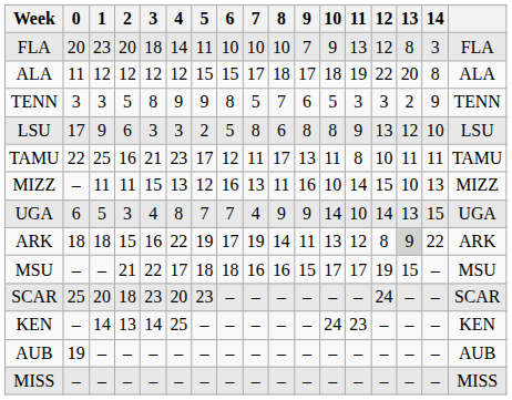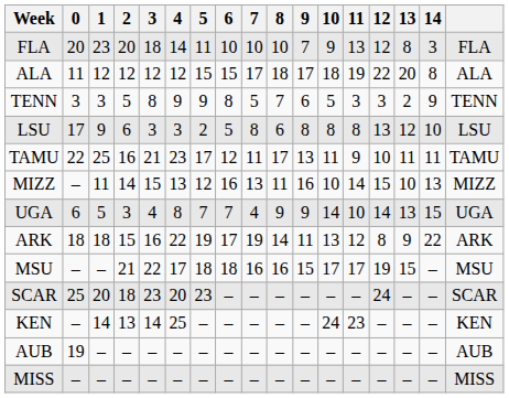 <table class="wikitable sortable" style="text-align:center">
 <tr>
 <th>Week</th>
 <th>0</th>
 <th>1</th>
 <th>2</th>
 <th>3</th>
 <th>4</th>
 <th>5</th>
 <th>6</th>
 <th>7</th>
 <th>8</th>
 <th>9</th>
 <th>10</th>
 <th>11</th>
 <th>12</th>
 <th>13</th>
 <th>14</th>
 <th class=unsortable></th>
 </tr>
 <tr style="background-color:#E8E8E8">
 <td>FLA</td>
 <td>20</td>
 <td>23</td>
 <td>20</td>
 <td>18</td>
 <td>14</td>
 <td>11</td>
 <td>10</td>
 <td>10</td>
 <td>10</td>
 <td>7</td>
 <td>9</td>
 <td>13</td>
 <td>12</td>
 <td>8</td>
 <td>3</td>
 <td>FLA</td>
 </tr>
 <tr>
 <td>ALA</td>
 <td>11</td>
 <td>12</td>
 <td>12</td>
 <td>12</td>
 <td>12</td>
 <td>15</td>
 <td>15</td>
 <td>17</td>
 <td>18</td>
 <td>17</td>
 <td>18</td>
 <td>19</td>
 <td>22</td>
 <td>20</td>
 <td>8</td>
 <td>ALA</td>
 </tr>
 <tr>
 <td>TENN</td>
 <td>3</td>
 <td>3</td>
 <td>5</td>
 <td>8</td>
 <td>9</td>
 <td>9</td>
 <td>8</td>
 <td>5</td>
 <td>7</td>
 <td>6</td>
 <td>5</td>
 <td>3</td>
 <td>3</td>
 <td>2</td>
 <td>9</td>
 <td>TENN</td>
 </tr>
 <tr style="background-color:#E8E8E8">
 <td>LSU</td>
 <td>17</td>
 <td>9</td>
 <td>6</td>
 <td>3</td>
 <td>3</td>
 <td>2</td>
 <td>5</td>
 <td>8</td>
 <td>6</td>
 <td>8</td>
 <td>8</td>
-<td>9</td>
+<td>8</td>
 <td>13</td>
 <td>12</td>
 <td>10</td>
 <td>LSU</td>
 </tr>
 <tr>
 <td data-sort-value=TEX>TAMU</td>
 <td>22</td>
 <td>25</td>
 <td>16</td>
 <td>21</td>
 <td>23</td>
 <td>17</td>
 <td>12</td>
 <td>11</td>
 <td>17</td>
 <td>13</td>
 <td>11</td>
-<td>8</td>
+<td>9</td>
 <td>10</td>
 <td>11</td>
 <td>11</td>
 <td>TAMU</td>
 </tr>
 <tr>
 <td data-sort-value=MO>MIZZ</td>
 <td data-sort-value=26>–</td>
 <td>11</td>
-<td>11</td>
+<td>14</td>
 <td>15</td>
 <td>13</td>
 <td>12</td>
 <td>16</td>
 <td>13</td>
 <td>11</td>
 <td>16</td>
 <td>10</td>
 <td>14</td>
 <td>15</td>
 <td>10</td>
 <td>13</td>
 <td>MIZZ</td>
 </tr>
 <tr style="background-color:#E8E8E8">
 <td data-sort-value=G>UGA</td>
 <td>6</td>
 <td>5</td>
 <td>3</td>
 <td>4</td>
 <td>8</td>
 <td>7</td>
 <td>7</td>
 <td>4</td>
 <td>9</td>
 <td>9</td>
 <td>14</td>
 <td>10</td>
 <td>14</td>
 <td>13</td>
 <td>15</td>
 <td>UGA</td>
 </tr>
 <tr>
 <td>ARK</td>
 <td>18</td>
 <td>18</td>
 <td>15</td>
 <td>16</td>
 <td>22</td>
 <td>19</td>
 <td>17</td>
 <td>19</td>
 <td>14</td>
 <td>11</td>
 <td>13</td>
 <td>12</td>
 <td>8</td>
-<td style="background: lightgrey;">9</td>
+<td>9</td>
 <td>22</td>
 <td>ARK</td>
 </tr>
 <tr>
 <td>MSU</td>
 <td data-sort-value=27>–</td>
 <td data-sort-value=27>–</td>
 <td>21</td>
 <td>22</td>
 <td>17</td>
 <td>18</td>
 <td>18</td>
 <td>16</td>
 <td>16</td>
 <td>15</td>
 <td>17</td>
 <td>17</td>
 <td>19</td>
 <td>15</td>
 <td data-sort-value=27>–</td>
 <td>MSU</td>
 </tr>
 <tr style="background-color:#E8E8E8">
 <td>SCAR</td>
 <td>25</td>
 <td>20</td>
 <td>18</td>
 <td>23</td>
 <td>20</td>
 <td>23</td>
 <td data-sort-value=28>–</td>
 <td data-sort-value=28>–</td>
 <td data-sort-value=28>–</td>
 <td data-sort-value=28>–</td>
 <td data-sort-value=28>–</td>
 <td data-sort-value=28>–</td>
 <td>24</td>
 <td data-sort-value=28>–</td>
 <td data-sort-value=28>–</td>
 <td>SCAR</td>
 </tr>
 <tr>
 <td>KEN</td>
 <td data-sort-value=29>–</td>
 <td>14</td>
 <td>13</td>
 <td>14</td>
 <td>25</td>
 <td data-sort-value=29>–</td>
 <td data-sort-value=29>–</td>
 <td data-sort-value=29>–</td>
 <td data-sort-value=29>–</td>
 <td data-sort-value=29>–</td>
 <td>24</td>
 <td>23</td>
 <td data-sort-value=29>–</td>
 <td data-sort-value=29>–</td>
 <td data-sort-value=29>–</td>
 <td>KEN</td>
 </tr>
 <tr>
 <td>AUB</td>
 <td>19</td>
 <td data-sort-value=30>–</td>
 <td data-sort-value=30>–</td>
 <td data-sort-value=30>–</td>
 <td data-sort-value=30>–</td>
 <td data-sort-value=30>–</td>
 <td data-sort-value=30>–</td>
 <td data-sort-value=30>–</td>
 <td data-sort-value=30>–</td>
 <td data-sort-value=30>–</td>
 <td data-sort-value=30>–</td>
 <td data-sort-value=30>–</td>
 <td data-sort-value=30>–</td>
 <td data-sort-value=30>–</td>
 <td data-sort-value=30>–</td>
 <td>AUB</td>
 </tr>
 <tr style="background-color:#E8E8E8">
 <td data-sort-value=O>MISS</td>
 <td data-sort-value=31>–</td>
 <td data-sort-value=31>–</td>
 <td data-sort-value=31>–</td>
 <td data-sort-value=31>–</td>
 <td data-sort-value=31>–</td>
 <td data-sort-value=31>–</td>
 <td data-sort-value=31>–</td>
 <td data-sort-value=31>–</td>
 <td data-sort-value=31>–</td>
 <td data-sort-value=31>–</td>
 <td data-sort-value=31>–</td>
 <td data-sort-value=31>–</td>
 <td data-sort-value=31>–</td>
 <td data-sort-value=31>–</td>
 <td data-sort-value=31>–</td>
 <td>MISS</td>
 </tr>
 </table>
